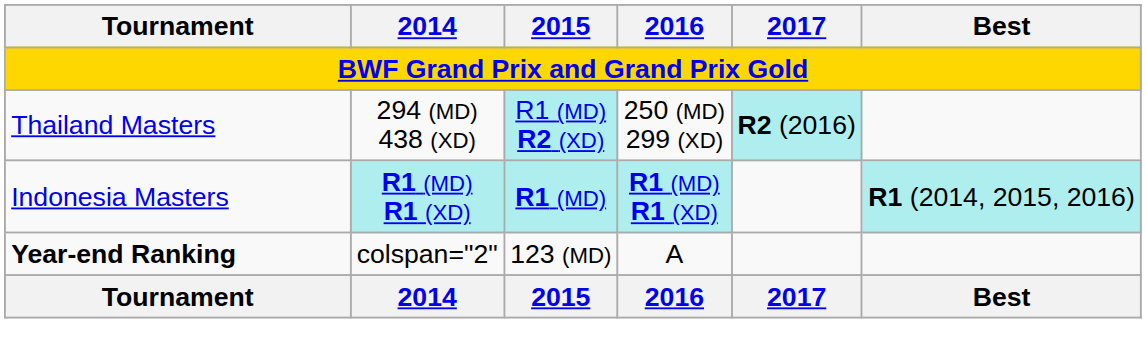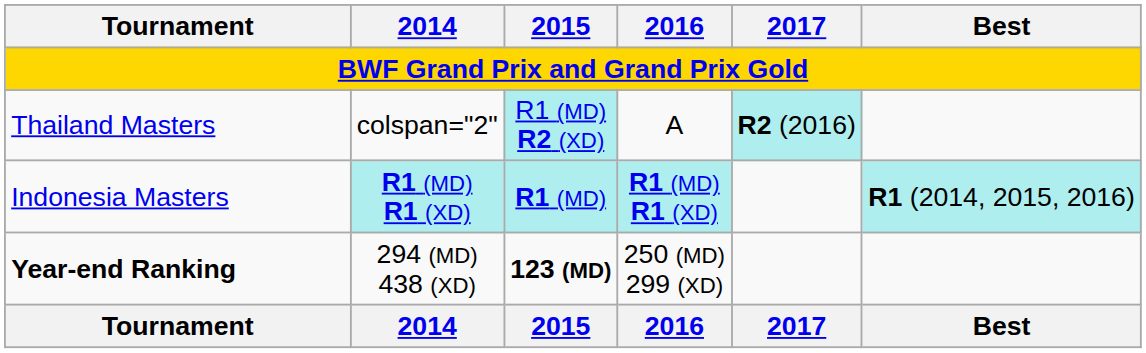 <table style='font-size: 90%; text-align:center;' class='wikitable'>
 <tr>
 <th width=180>Tournament</th>
 <th><a href='#'>2014</a></th>
 <th><a href='#'>2015</a></th>
 <th><a href='#'>2016</a></th>
 <th><a href='#'>2017</a></th>
 <th>Best</th>
 </tr>
 <tr bgcolor=FFD700>
 <td colspan=20 align=center><strong><a href='#'>BWF Grand Prix and Grand Prix Gold</a></strong></td>
 </tr>
 <tr>
 <td align=left> <a href='#'>Thailand Masters</a></td>
-<td align=center>294 <small>(MD)</small> <br> 438 <small>(XD)</small></td>
+<td>colspan="2" </td>
 <td bgcolor=AFEEEE><a href='#'>R1 <small>(MD)</small></a> <br> <a href='#'><strong>R2</strong> <small>(XD)</small></a></td>
-<td align=center>250 <small>(MD)</small> <br> 299 <small>(XD)</small></td>
+<td>A</td>
 <td bgcolor=AFEEEE><strong>R2</strong> (2016)</td>
 </tr>
 <tr>
 <td align=left> <a href='#'>Indonesia Masters</a></td>
 <td bgcolor=AFEEEE><a href='#'><strong>R1</strong> <small>(MD)</small></a> <br> <a href='#'><strong>R1</strong> <small>(XD)</small></a></td>
 <td bgcolor=AFEEEE><a href='#'><strong>R1</strong> <small>(MD)</small></a></td>
 <td bgcolor=AFEEEE><a href='#'><strong>R1</strong> <small>(MD)</small></a> <br> <a href='#'><strong>R1</strong> <small>(XD)</small></a></td>
 <td></td>
 <td bgcolor=AFEEEE><strong>R1</strong> (2014, 2015, 2016)</td>
 </tr>
 <tr>
 <td align=left><strong>Year-end Ranking</strong></td>
-<td>colspan="2" </td>
-<td align=center>123 <small>(MD)</small></td>
-<td>A</td>
+<td align=center>294 <small>(MD)</small> <br> 438 <small>(XD)</small></td>
+<td align=center><strong>123 <small>(MD)</small></strong></td>
+<td align=center>250 <small>(MD)</small> <br> 299 <small>(XD)</small></td>
 <td align=center></td>
 <td></td>
 </tr>
 <tr>
 <th width=180>Tournament</th>
 <th><a href='#'>2014</a></th>
 <th><a href='#'>2015</a></th>
 <th><a href='#'>2016</a></th>
 <th><a href='#'>2017</a></th>
 <th>Best</th>
 </tr>
 </table>
